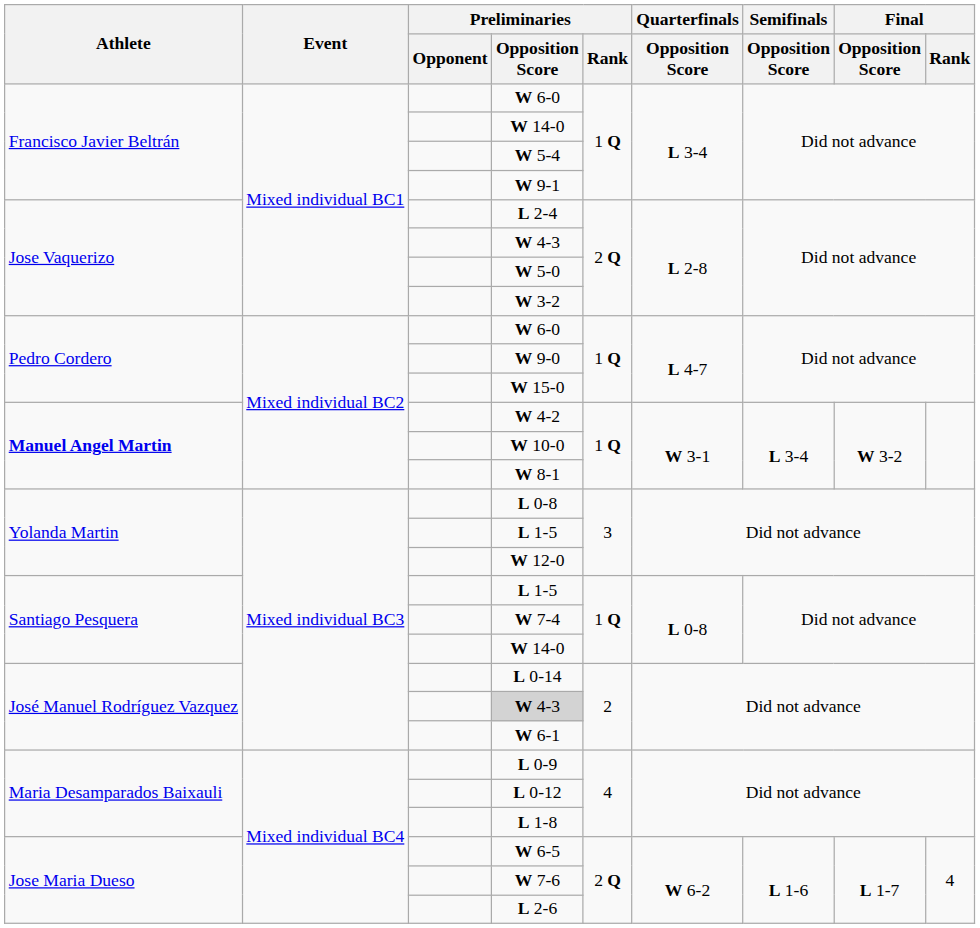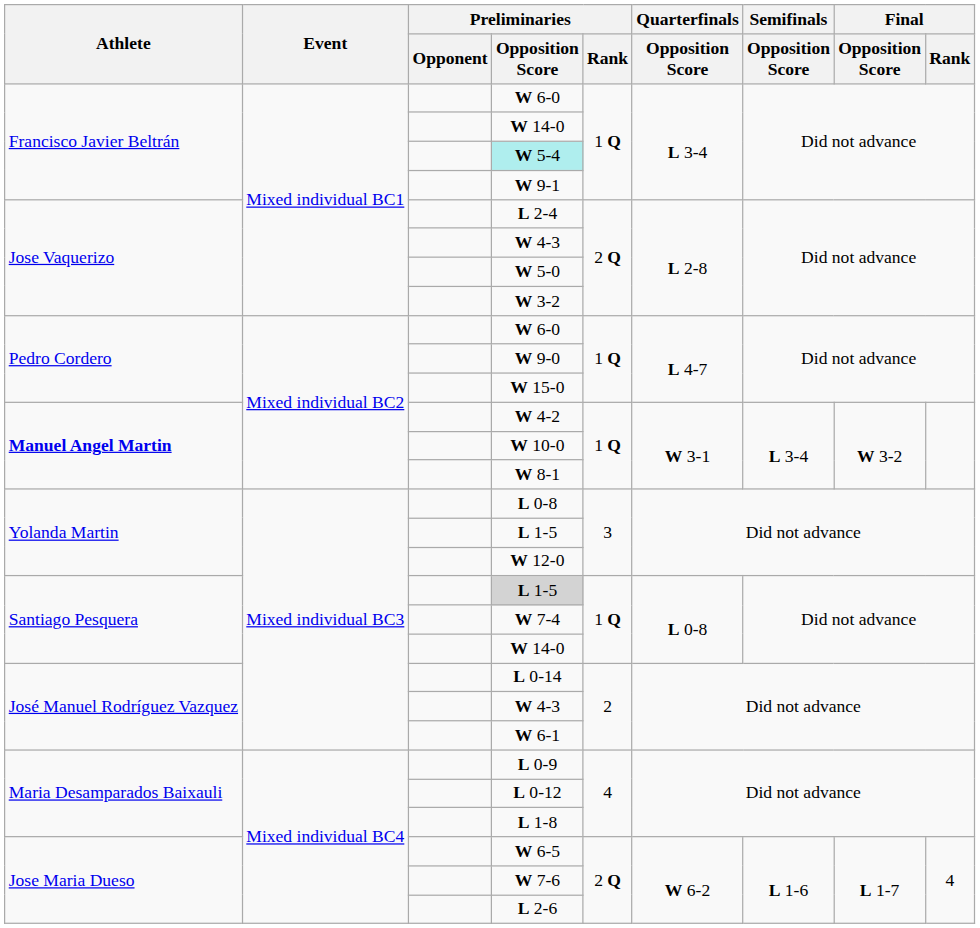 <table class=wikitable style="font-size:90%">
 <tr>
 <th rowspan="2">Athlete</th>
 <th rowspan="2">Event</th>
 <th colspan="3">Preliminaries</th>
 <th>Quarterfinals</th>
 <th>Semifinals</th>
 <th colspan="2">Final</th>
 </tr>
 <tr>
 <th>Opponent</th>
 <th>Opposition<br>Score</th>
 <th>Rank</th>
 <th>Opposition<br>Score</th>
 <th>Opposition<br>Score</th>
 <th>Opposition<br>Score</th>
 <th>Rank</th>
 </tr>
 <tr>
 <td rowspan="4"><a href='#'>Francisco Javier Beltrán</a></td>
 <td rowspan="8"><a href='#'>Mixed individual BC1</a></td>
 <td align="left"></td>
 <td align="center"><strong>W</strong> 6-0</td>
 <td align="center" rowspan="4">1 <strong>Q</strong></td>
 <td align="center" rowspan="4"><br><strong>L</strong> 3-4</td>
 <td align="center" rowspan="4" colspan="3">Did not advance</td>
 </tr>
 <tr>
 <td align="left"></td>
 <td align="center"><strong>W</strong> 14-0</td>
 </tr>
 <tr>
 <td align="left"></td>
-<td align="center"><strong>W</strong> 5-4</td>
+<td align="center" style="background: paleturquoise;"><strong>W</strong> 5-4</td>
 </tr>
 <tr>
 <td align="left"></td>
 <td align="center"><strong>W</strong> 9-1</td>
 </tr>
 <tr>
 <td rowspan="4"><a href='#'>Jose Vaquerizo</a></td>
 <td align="left"></td>
 <td align="center"><strong>L</strong> 2-4</td>
 <td align="center" rowspan="4">2 <strong>Q</strong></td>
 <td align="center" rowspan="4"><br><strong>L</strong> 2-8</td>
 <td align="center" rowspan="4" colspan="3">Did not advance</td>
 </tr>
 <tr>
 <td align="left"></td>
 <td align="center"><strong>W</strong> 4-3</td>
 </tr>
 <tr>
 <td align="left"></td>
 <td align="center"><strong>W</strong> 5-0</td>
 </tr>
 <tr>
 <td align="left"></td>
 <td align="center"><strong>W</strong> 3-2</td>
 </tr>
 <tr>
 <td rowspan="3"><a href='#'>Pedro Cordero</a></td>
 <td rowspan="6"><a href='#'>Mixed individual BC2</a></td>
 <td align="left"></td>
 <td align="center"><strong>W</strong> 6-0</td>
 <td align="center" rowspan="3">1 <strong>Q</strong></td>
 <td align="center" rowspan="3"><br><strong>L</strong> 4-7</td>
 <td align="center" rowspan="3" colspan="3">Did not advance</td>
 </tr>
 <tr>
 <td align="left"></td>
 <td align="center"><strong>W</strong> 9-0</td>
 </tr>
 <tr>
 <td align="left"></td>
 <td align="center"><strong>W</strong> 15-0</td>
 </tr>
 <tr>
 <td rowspan="3"><strong><a href='#'>Manuel Angel Martin</a></strong></td>
 <td align="left"></td>
 <td align="center"><strong>W</strong> 4-2</td>
 <td align="center" rowspan="3">1 <strong>Q</strong></td>
 <td align="center" rowspan="3"><br><strong>W</strong> 3-1</td>
 <td align="center" rowspan="3"><br><strong>L</strong> 3-4</td>
 <td align="center" rowspan="3"><br><strong>W</strong> 3-2</td>
 <td align="center" rowspan="3"></td>
 </tr>
 <tr>
 <td align="left"></td>
 <td align="center"><strong>W</strong> 10-0</td>
 </tr>
 <tr>
 <td align="left"></td>
 <td align="center"><strong>W</strong> 8-1</td>
 </tr>
 <tr>
 <td rowspan="3"><a href='#'>Yolanda Martin</a></td>
 <td rowspan="9"><a href='#'>Mixed individual BC3</a></td>
 <td align="left"></td>
 <td align="center"><strong>L</strong> 0-8</td>
 <td align="center" rowspan="3">3</td>
 <td align="center" rowspan="3" colspan="4">Did not advance</td>
 </tr>
 <tr>
 <td align="left"></td>
 <td align="center"><strong>L</strong> 1-5</td>
 </tr>
 <tr>
 <td align="left"></td>
 <td align="center"><strong>W</strong> 12-0</td>
 </tr>
 <tr>
 <td rowspan="3"><a href='#'>Santiago Pesquera</a></td>
 <td align="left"></td>
-<td align="center"><strong>L</strong> 1-5</td>
+<td align="center" style="background: lightgrey;"><strong>L</strong> 1-5</td>
 <td align="center" rowspan="3">1 <strong>Q</strong></td>
 <td align="center" rowspan="3"><br><strong>L</strong> 0-8</td>
 <td align="center" rowspan="3" colspan="3">Did not advance</td>
 </tr>
 <tr>
 <td align="left"></td>
 <td align="center"><strong>W</strong> 7-4</td>
 </tr>
 <tr>
 <td align="left"></td>
 <td align="center"><strong>W</strong> 14-0</td>
 </tr>
 <tr>
 <td rowspan="3"><a href='#'>José Manuel Rodríguez Vazquez</a></td>
 <td align="left"></td>
 <td align="center"><strong>L</strong> 0-14</td>
 <td align="center" rowspan="3">2</td>
 <td align="center" rowspan="3" colspan="4">Did not advance</td>
 </tr>
 <tr>
 <td align="left"></td>
-<td align="center" style="background: lightgrey;"><strong>W</strong> 4-3</td>
+<td align="center"><strong>W</strong> 4-3</td>
 </tr>
 <tr>
 <td align="left"></td>
 <td align="center"><strong>W</strong> 6-1</td>
 </tr>
 <tr>
 <td rowspan="3"><a href='#'>Maria Desamparados Baixauli</a></td>
 <td rowspan="6"><a href='#'>Mixed individual BC4</a></td>
 <td align="left"></td>
 <td align="center"><strong>L</strong> 0-9</td>
 <td align="center" rowspan="3">4</td>
 <td align="center" rowspan="3" colspan="4">Did not advance</td>
 </tr>
 <tr>
 <td align="left"></td>
 <td align="center"><strong>L</strong> 0-12</td>
 </tr>
 <tr>
 <td align="left"></td>
 <td align="center"><strong>L</strong> 1-8</td>
 </tr>
 <tr>
 <td rowspan="3"><a href='#'>Jose Maria Dueso</a></td>
 <td align="left"></td>
 <td align="center"><strong>W</strong> 6-5</td>
 <td align="center" rowspan="3">2 <strong>Q</strong></td>
 <td align="center" rowspan="3"><br><strong>W</strong> 6-2</td>
 <td align="center" rowspan="3"><br><strong>L</strong> 1-6</td>
 <td align="center" rowspan="3"><br><strong>L</strong> 1-7</td>
 <td align="center" rowspan="3">4</td>
 </tr>
 <tr>
 <td align="left"></td>
 <td align="center"><strong>W</strong> 7-6</td>
 </tr>
 <tr>
 <td align="left"></td>
 <td align="center"><strong>L</strong> 2-6</td>
 </tr>
 </table>
